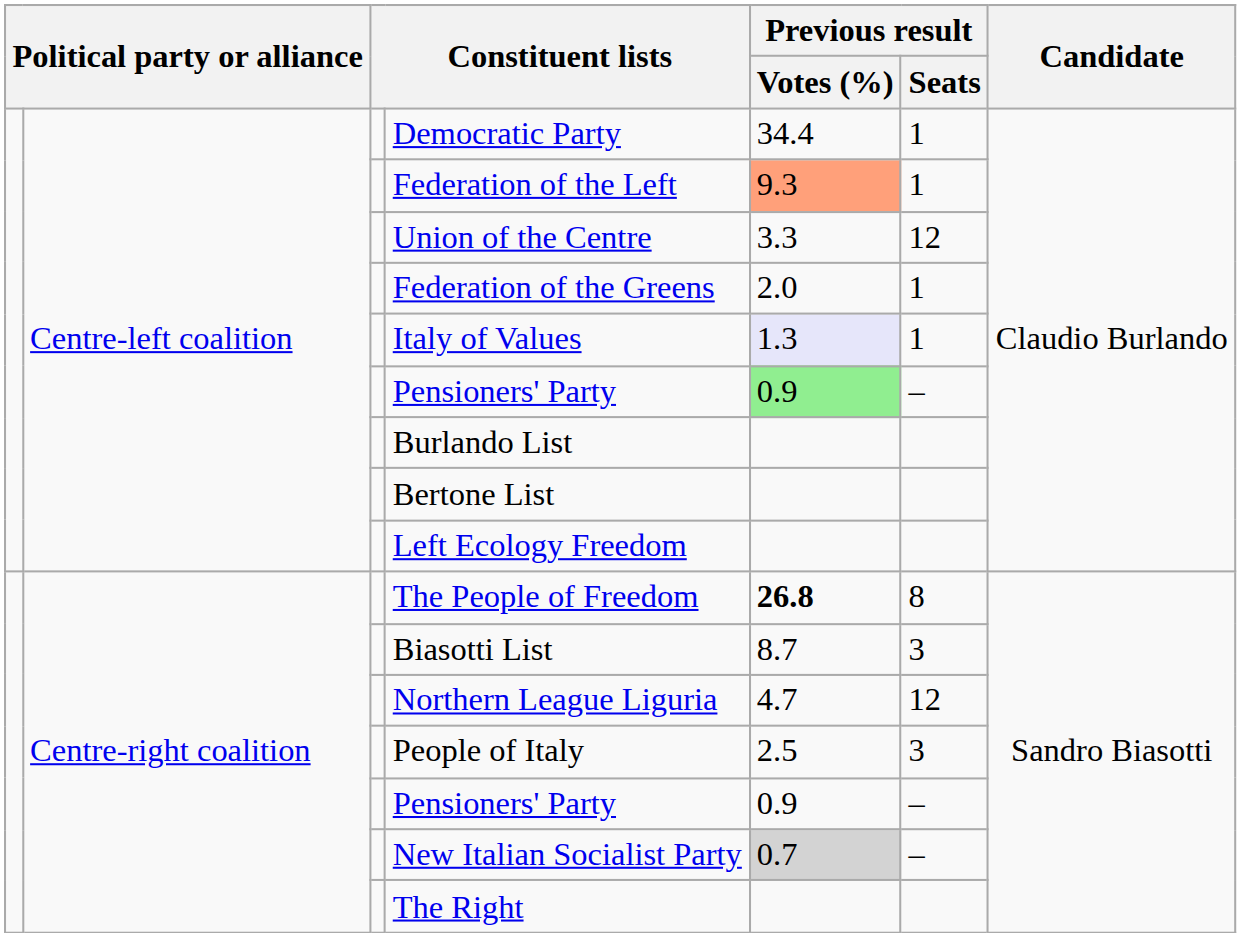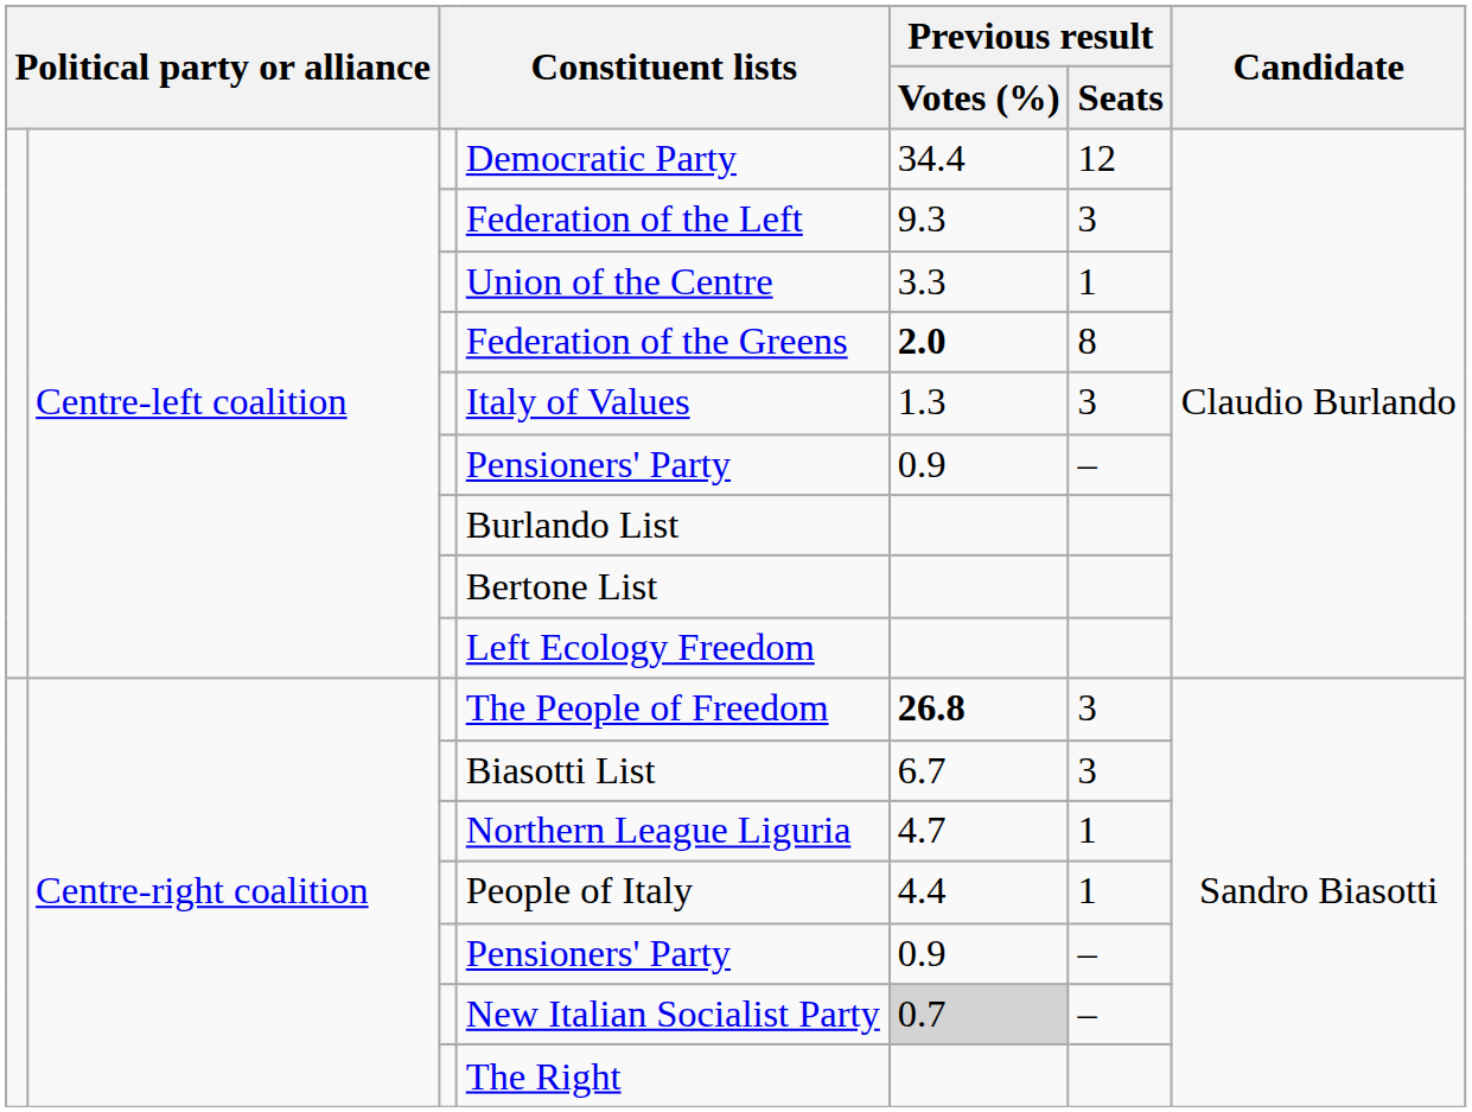 <table class="wikitable" style="text-align:left">
 <tr>
 <th colspan=2 rowspan="2">Political party or alliance</th>
 <th colspan=2 rowspan="2">Constituent lists</th>
 <th colspan="2">Previous result</th>
 <th rowspan="2">Candidate</th>
 </tr>
 <tr>
 <th>Votes (%)</th>
 <th>Seats</th>
 </tr>
 <tr>
 <td rowspan="9"></td>
 <td rowspan="9"><a href='#'>Centre-left coalition</a></td>
 <td></td>
 <td style="text-align:left;"><a href='#'>Democratic Party</a></td>
 <td>34.4</td>
-<td>1</td>
+<td>12</td>
 <td rowspan="9" style="text-align: center;">Claudio Burlando</td>
 </tr>
 <tr>
 <td style="background-color:"></td>
 <td><a href='#'>Federation of the Left</a></td>
-<td style="background: lightsalmon;">9.3</td>
-<td>1</td>
+<td>9.3</td>
+<td>3</td>
 </tr>
 <tr>
 <td></td>
 <td style="text-align:left;"><a href='#'>Union of the Centre</a></td>
 <td>3.3</td>
-<td>12</td>
+<td>1</td>
 </tr>
 <tr>
 <td></td>
 <td><a href='#'>Federation of the Greens</a></td>
-<td>2.0</td>
-<td>1</td>
+<td><strong>2.0</strong></td>
+<td>8</td>
 </tr>
 <tr>
 <td></td>
 <td><a href='#'>Italy of Values</a></td>
-<td style="background: lavender;">1.3</td>
-<td>1</td>
+<td>1.3</td>
+<td>3</td>
 </tr>
 <tr>
 <td></td>
 <td><a href='#'>Pensioners' Party</a></td>
-<td style="background: lightgreen;">0.9</td>
+<td>0.9</td>
 <td>–</td>
 </tr>
 <tr>
 <td></td>
 <td>Burlando List</td>
 <td></td>
 <td></td>
 </tr>
 <tr>
 <td></td>
 <td>Bertone List</td>
 <td></td>
 <td></td>
 </tr>
 <tr>
 <td style="background-color:"></td>
 <td><a href='#'>Left Ecology Freedom</a></td>
 <td></td>
 <td></td>
 </tr>
 <tr>
 <td rowspan="7" style="background:"></td>
 <td rowspan=7><a href='#'>Centre-right coalition</a></td>
 <td></td>
 <td style="text-align:left;"><a href='#'>The People of Freedom</a></td>
 <td><strong>26.8</strong></td>
-<td>8</td>
+<td>3</td>
 <td rowspan="7" style="text-align: center;">Sandro Biasotti</td>
 </tr>
 <tr>
 <td style="background-color:"></td>
 <td>Biasotti List</td>
-<td>8.7</td>
+<td>6.7</td>
 <td>3</td>
 </tr>
 <tr>
 <td></td>
 <td style="text-align:left;"><a href='#'>Northern League Liguria</a></td>
 <td>4.7</td>
-<td>12</td>
+<td>1</td>
 </tr>
 <tr>
 <td></td>
 <td style="text-align:left;">People of Italy</td>
-<td>2.5</td>
-<td>3</td>
+<td>4.4</td>
+<td>1</td>
 </tr>
 <tr>
 <td></td>
 <td><a href='#'>Pensioners' Party</a></td>
 <td>0.9</td>
 <td>–</td>
 </tr>
 <tr>
 <td></td>
 <td style="text-align:left;"><a href='#'>New Italian Socialist Party</a></td>
 <td style="background: lightgrey;">0.7</td>
 <td>–</td>
 </tr>
 <tr>
 <td></td>
 <td style="text-align:left;"><a href='#'>The Right</a></td>
 <td></td>
 <td></td>
 </tr>
 </table>
